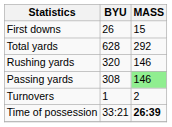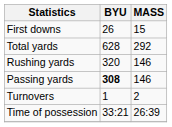 <table class="wikitable">
 <tr>
 <th>Statistics</th>
 <th>BYU</th>
 <th>MASS</th>
 </tr>
 <tr>
 <td>First downs</td>
 <td>26</td>
 <td>15</td>
 </tr>
 <tr>
 <td>Total yards</td>
 <td>628</td>
 <td>292</td>
 </tr>
 <tr>
 <td>Rushing yards</td>
 <td>320</td>
 <td>146</td>
 </tr>
 <tr>
 <td>Passing yards</td>
-<td>308</td>
-<td style="background: lightgreen;">146</td>
+<td><strong>308</strong></td>
+<td>146</td>
 </tr>
 <tr>
 <td>Turnovers</td>
 <td>1</td>
 <td>2</td>
 </tr>
 <tr>
 <td>Time of possession</td>
 <td>33:21</td>
-<td><strong>26:39</strong></td>
+<td>26:39</td>
 </tr>
 <tr>
 </tr>
 </table>
